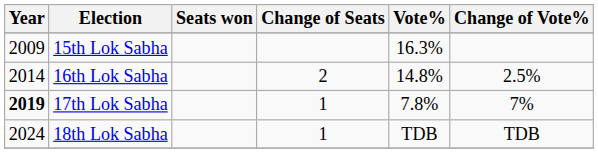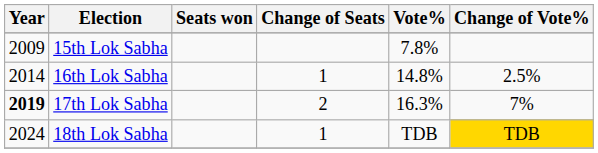 <table class="wikitable sortable">
 <tr>
 <th Style="background-color:">Year</th>
 <th Style="background-color:">Election</th>
 <th Style="background-color:">Seats won</th>
 <th Style="background-color:">Change of Seats</th>
 <th Style="background-color:">Vote%</th>
 <th Style="background-color:">Change of Vote%</th>
 </tr>
 <tr>
 </tr>
 <tr style="text-align:center;">
 <td>2009</td>
 <td><a href='#'>15th Lok Sabha</a></td>
 <td></td>
 <td></td>
-<td>16.3%</td>
+<td>7.8%</td>
 <td></td>
 </tr>
 <tr style="text-align:center;">
 <td>2014</td>
 <td><a href='#'>16th Lok Sabha</a></td>
 <td></td>
-<td> 2</td>
+<td> 1</td>
 <td>14.8%</td>
 <td> 2.5%</td>
 </tr>
 <tr style="text-align:center;">
 <td><strong>2019</strong></td>
 <td><a href='#'>17th Lok Sabha</a></td>
 <td></td>
-<td> 1</td>
-<td>7.8%</td>
+<td> 2</td>
+<td>16.3%</td>
 <td> 7%</td>
 </tr>
 <tr style="text-align:center;">
 <td>2024</td>
 <td><a href='#'>18th Lok Sabha</a></td>
 <td></td>
 <td> 1</td>
 <td>TDB</td>
-<td> TDB</td>
+<td style="background: gold;"> TDB</td>
 </tr>
 <tr style="text-align:center;">
 </tr>
 </table>
